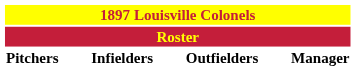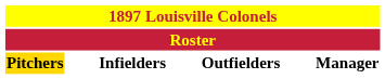 <table class="toccolours" style="font-size: 95%;">
 <tr>
 <th colspan="10" style="background-color: #FFFF00; color: #C41E3A; text-align: center;">1897 Louisville Colonels</th>
 </tr>
 <tr>
 <td colspan="10" style="background-color: #C41E3A; color: yellow; text-align: center;"><strong>Roster</strong></td>
 </tr>
 <tr>
-<td valign="top"><strong>Pitchers</strong><br>             </td>
+<td valign="top" style="background: gold;"><strong>Pitchers</strong><br>             </td>
 <td width="25px"></td>
 <td valign="top"><strong>Infielders</strong><br>           </td>
 <td width="25px"></td>
 <td valign="top"><strong>Outfielders</strong><br>     </td>
 <td width="25px"></td>
 <td valign="top"><strong>Manager</strong><br> </td>
 </tr>
 </table>
